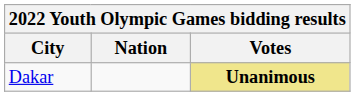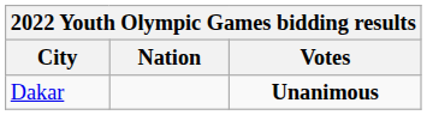 <table class="wikitable">
 <tr>
 <th colspan="7">2022 Youth Olympic Games bidding results</th>
 </tr>
 <tr>
 <th>City</th>
 <th>Nation</th>
 <th>Votes</th>
 </tr>
 <tr>
 <td><a href='#'>Dakar</a></td>
 <td></td>
-<td align=center style="background: khaki;"><strong>Unanimous</strong></td>
+<td align=center><strong>Unanimous</strong></td>
 </tr>
 </table>
